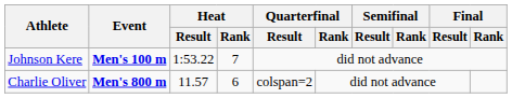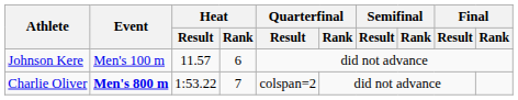 <table class="wikitable" style="font-size:90%">
 <tr>
 <th rowspan="2">Athlete</th>
 <th rowspan="2">Event</th>
 <th colspan="2">Heat</th>
 <th colspan="2">Quarterfinal</th>
 <th colspan="2">Semifinal</th>
 <th colspan="2">Final</th>
 </tr>
 <tr style="font-size:95%">
 <th>Result</th>
 <th>Rank</th>
 <th>Result</th>
 <th>Rank</th>
 <th>Result</th>
 <th>Rank</th>
 <th>Result</th>
 <th>Rank</th>
 </tr>
 <tr align=center>
 <td align=left><a href='#'>Johnson Kere</a></td>
-<td align=left><strong><a href='#'>Men's 100 m</a></strong></td>
-<td>1:53.22</td>
-<td>7</td>
+<td align=left><a href='#'>Men's 100 m</a></td>
+<td>11.57</td>
+<td>6</td>
 <td colspan=6>did not advance</td>
 </tr>
 <tr align=center>
 <td align=left><a href='#'>Charlie Oliver</a></td>
 <td align=left><strong><a href='#'>Men's 800 m</a></strong></td>
-<td>11.57</td>
-<td>6</td>
+<td>1:53.22</td>
+<td>7</td>
 <td>colspan=2 </td>
 <td colspan=4>did not advance</td>
 </tr>
 </table>
